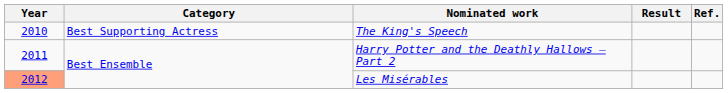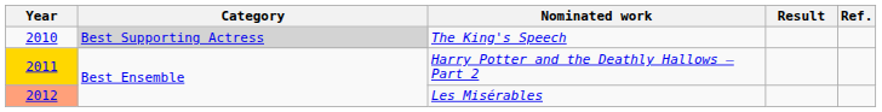 <table class=wikitable>
 <tr>
 <th scope="col" style="width:5em;">Year</th>
 <th scope="col" style="width:26em;">Category</th>
 <th scope="col" style="width:25em;">Nominated work</th>
 <th scope="col" style="width:5em;">Result</th>
 <th>Ref.</th>
 </tr>
 <tr>
 <td style="text-align:center;"><a href='#'>2010</a></td>
-<td><a href='#'>Best Supporting Actress</a></td>
+<td style="background: lightgrey;"><a href='#'>Best Supporting Actress</a></td>
 <td><em><a href='#'>The King's Speech</a></em></td>
 <td></td>
 <td></td>
 </tr>
 <tr>
-<td align="center"><a href='#'>2011</a></td>
+<td align="center" style="background: gold;"><a href='#'>2011</a></td>
 <td rowspan="2"><a href='#'>Best Ensemble</a></td>
 <td><em><a href='#'>Harry Potter and the Deathly Hallows – Part 2</a></em></td>
 <td></td>
 <td></td>
 </tr>
 <tr>
 <td align="center" style="background: lightsalmon;"><a href='#'>2012</a></td>
 <td><em><a href='#'>Les Misérables</a></em></td>
 <td></td>
 <td></td>
 </tr>
 </table>
